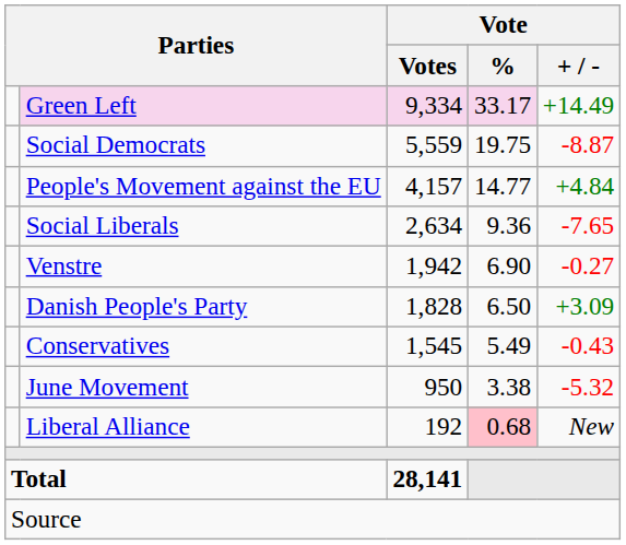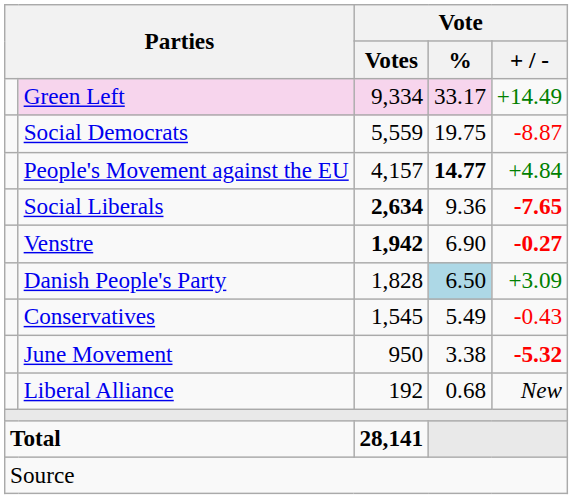 <table class="wikitable" style="text-align:right;">
 <tr>
 <th style="text-align:centre;" rowspan="2" colspan="2" width="225">Parties</th>
 <th colspan="3">Vote</th>
 </tr>
 <tr>
 <th width="15">Votes</th>
 <th width="15">%</th>
 <th width="15">+ / -</th>
 </tr>
 <tr>
 <td width="2" style="color:inherit;background:"></td>
 <td bgcolor=#f7d5ed   align="left"><a href='#'>Green Left</a></td>
 <td bgcolor=#f7d5ed>9,334</td>
 <td bgcolor=#f7d5ed>33.17</td>
 <td style=color:green;>+14.49</td>
 </tr>
 <tr>
 <td width="2" style="color:inherit;background:"></td>
 <td align="left"><a href='#'>Social Democrats</a></td>
 <td>5,559</td>
 <td>19.75</td>
 <td style=color:red;>-8.87</td>
 </tr>
 <tr>
 <td width="2" style="color:inherit;background:"></td>
 <td align="left"><a href='#'>People's Movement against the EU</a></td>
 <td>4,157</td>
-<td>14.77</td>
+<td><strong>14.77</strong></td>
 <td style=color:green;>+4.84</td>
 </tr>
 <tr>
 <td width="2" style="color:inherit;background:"></td>
 <td align="left"><a href='#'>Social Liberals</a></td>
-<td>2,634</td>
+<td><strong>2,634</strong></td>
 <td>9.36</td>
-<td style=color:red;>-7.65</td>
+<td style=color:red;><strong>-7.65</strong></td>
 </tr>
 <tr>
 <td width="2" style="color:inherit;background:"></td>
 <td align="left"><a href='#'>Venstre</a></td>
-<td>1,942</td>
+<td><strong>1,942</strong></td>
 <td>6.90</td>
-<td style=color:red;>-0.27</td>
+<td style=color:red;><strong>-0.27</strong></td>
 </tr>
 <tr>
 <td width="2" style="color:inherit;background:"></td>
 <td align="left"><a href='#'>Danish People's Party</a></td>
 <td>1,828</td>
-<td>6.50</td>
+<td style="background: lightblue;">6.50</td>
 <td style=color:green;>+3.09</td>
 </tr>
 <tr>
 <td width="2" style="color:inherit;background:"></td>
 <td align="left"><a href='#'>Conservatives</a></td>
 <td>1,545</td>
 <td>5.49</td>
 <td style=color:red;>-0.43</td>
 </tr>
 <tr>
 <td width="2" style="color:inherit;background:"></td>
 <td align="left"><a href='#'>June Movement</a></td>
 <td>950</td>
 <td>3.38</td>
-<td style=color:red;>-5.32</td>
+<td style=color:red;><strong>-5.32</strong></td>
 </tr>
 <tr>
 <td width="2" style="color:inherit;background:"></td>
 <td align="left"><a href='#'>Liberal Alliance</a></td>
 <td>192</td>
-<td style="background: pink;">0.68</td>
+<td>0.68</td>
 <td><em>New</em></td>
 </tr>
 <tr>
 <td colspan="7" bgcolor="#E9E9E9"></td>
 </tr>
 <tr>
 <td align="left" colspan="2"><strong>Total</strong></td>
 <td><strong>28,141</strong></td>
 <td bgcolor="#E9E9E9" colspan="2"></td>
 </tr>
 <tr>
 <td align="left" colspan="6">Source</td>
 </tr>
 </table>
